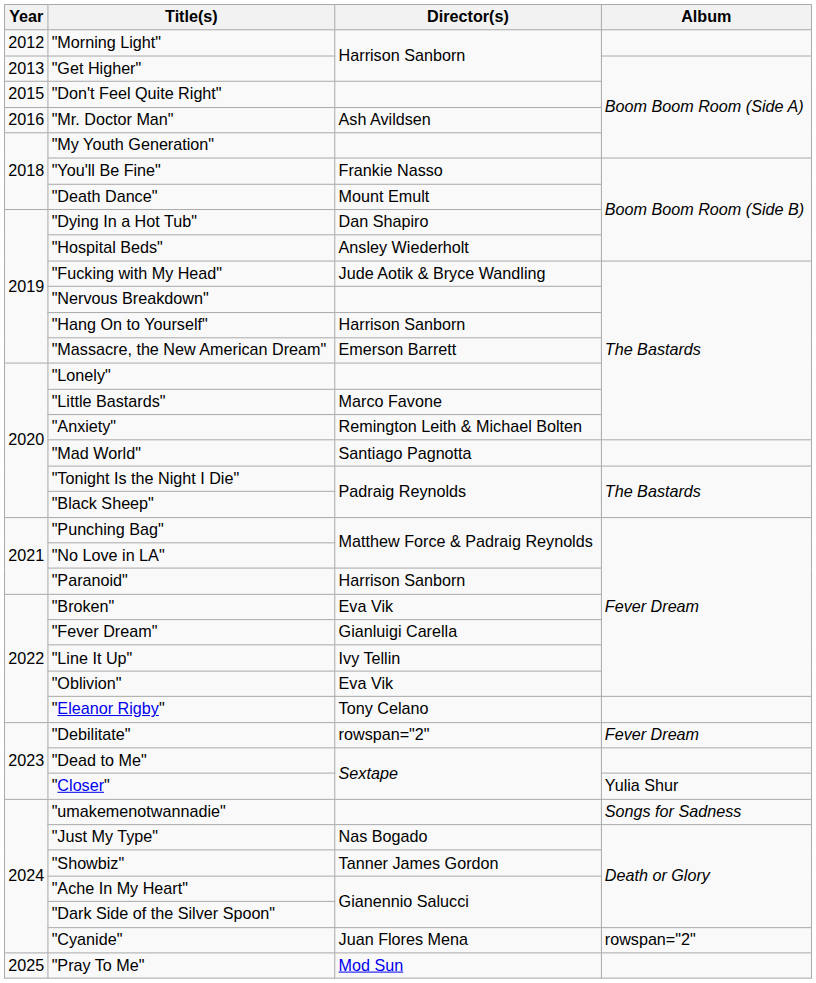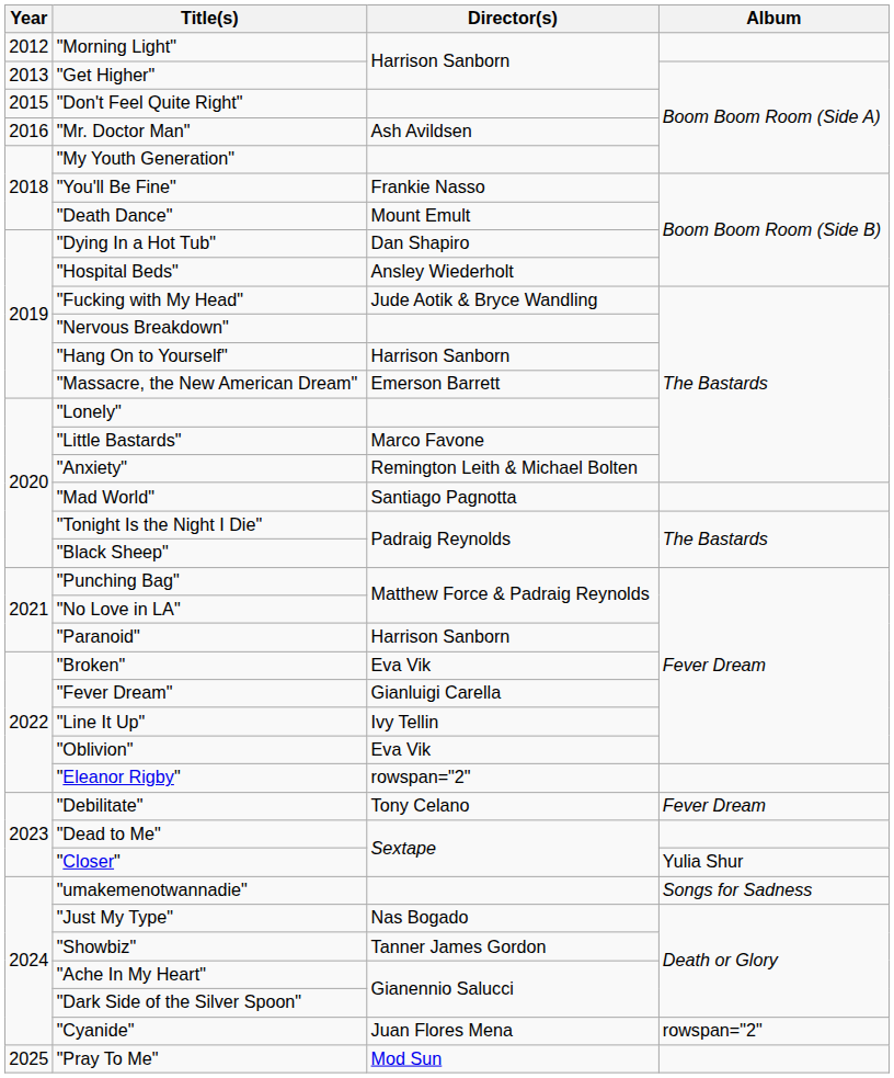 <table class="wikitable" style="width:800px;">
 <tr>
 <th style="width:30px;">Year</th>
 <th>Title(s)</th>
 <th>Director(s)</th>
 <th>Album</th>
 </tr>
 <tr>
 <td>2012</td>
 <td>"Morning Light"</td>
 <td rowspan="2">Harrison Sanborn</td>
 <td></td>
 </tr>
 <tr>
 <td>2013</td>
 <td>"Get Higher"</td>
 <td rowspan="4"><em>Boom Boom Room (Side A)</em></td>
 </tr>
 <tr>
 <td>2015</td>
 <td>"Don't Feel Quite Right"</td>
 <td></td>
 </tr>
 <tr>
 <td>2016</td>
 <td>"Mr. Doctor Man"</td>
 <td>Ash Avildsen</td>
 </tr>
 <tr>
 <td rowspan="3">2018</td>
 <td>"My Youth Generation"</td>
 <td></td>
 </tr>
 <tr>
 <td>"You'll Be Fine"</td>
 <td>Frankie Nasso</td>
 <td rowspan="4"><em>Boom Boom Room (Side B)</em></td>
 </tr>
 <tr>
 <td>"Death Dance"</td>
 <td>Mount Emult</td>
 </tr>
 <tr>
 <td rowspan="6">2019</td>
 <td>"Dying In a Hot Tub"</td>
 <td>Dan Shapiro</td>
 </tr>
 <tr>
 <td>"Hospital Beds"</td>
 <td>Ansley Wiederholt</td>
 </tr>
 <tr>
 <td>"Fucking with My Head"</td>
 <td>Jude Aotik & Bryce Wandling</td>
 <td rowspan="7"><em>The Bastards</em></td>
 </tr>
 <tr>
 <td>"Nervous Breakdown"</td>
 <td></td>
 </tr>
 <tr>
 <td>"Hang On to Yourself"</td>
 <td>Harrison Sanborn</td>
 </tr>
 <tr>
 <td>"Massacre, the New American Dream"</td>
 <td>Emerson Barrett</td>
 </tr>
 <tr>
 <td rowspan="6">2020</td>
 <td>"Lonely"</td>
 <td></td>
 </tr>
 <tr>
 <td>"Little Bastards"</td>
 <td>Marco Favone</td>
 </tr>
 <tr>
 <td>"Anxiety"</td>
 <td>Remington Leith & Michael Bolten</td>
 </tr>
 <tr>
 <td>"Mad World"</td>
 <td>Santiago Pagnotta</td>
 <td></td>
 </tr>
 <tr>
 <td>"Tonight Is the Night I Die"</td>
 <td rowspan="2">Padraig Reynolds</td>
 <td rowspan="2"><em>The Bastards</em></td>
 </tr>
 <tr>
 <td>"Black Sheep"</td>
 </tr>
 <tr>
 <td rowspan="3">2021</td>
 <td>"Punching Bag"</td>
 <td rowspan="2">Matthew Force & Padraig Reynolds</td>
 <td rowspan="7"><em>Fever Dream</em></td>
 </tr>
 <tr>
 <td>"No Love in LA"</td>
 </tr>
 <tr>
 <td>"Paranoid"</td>
 <td>Harrison Sanborn</td>
 </tr>
 <tr>
 <td rowspan="5">2022</td>
 <td>"Broken"</td>
 <td>Eva Vik</td>
 </tr>
 <tr>
 <td>"Fever Dream"</td>
 <td>Gianluigi Carella</td>
 </tr>
 <tr>
 <td>"Line It Up"</td>
 <td>Ivy Tellin</td>
 </tr>
 <tr>
 <td>"Oblivion"</td>
 <td>Eva Vik</td>
 </tr>
 <tr>
 <td>"<a href='#'>Eleanor Rigby</a>"</td>
-<td>Tony Celano</td>
+<td>rowspan="2" </td>
 <td></td>
 </tr>
 <tr>
 <td rowspan="3">2023</td>
 <td>"Debilitate"</td>
-<td>rowspan="2" </td>
+<td>Tony Celano</td>
 <td><em>Fever Dream</em></td>
 </tr>
 <tr>
 <td>"Dead to Me"</td>
 <td rowspan="2"><em>Sextape</em></td>
 </tr>
 <tr>
 <td>"<a href='#'>Closer</a>"</td>
 <td>Yulia Shur</td>
 </tr>
 <tr>
 <td rowspan="6">2024</td>
 <td>"umakemenotwannadie"</td>
 <td></td>
 <td><em>Songs for Sadness</em></td>
 </tr>
 <tr>
 <td>"Just My Type"</td>
 <td>Nas Bogado</td>
 <td rowspan="4"><em>Death or Glory</em></td>
 </tr>
 <tr>
 <td>"Showbiz"</td>
 <td>Tanner James Gordon</td>
 </tr>
 <tr>
 <td>"Ache In My Heart"</td>
 <td rowspan="2">Gianennio Salucci</td>
 </tr>
 <tr>
 <td>"Dark Side of the Silver Spoon"</td>
 </tr>
 <tr>
 <td>"Cyanide"</td>
 <td>Juan Flores Mena</td>
 <td>rowspan="2" </td>
 </tr>
 <tr>
 <td>2025</td>
 <td>"Pray To Me"</td>
 <td><a href='#'>Mod Sun</a></td>
 </tr>
 </table>
